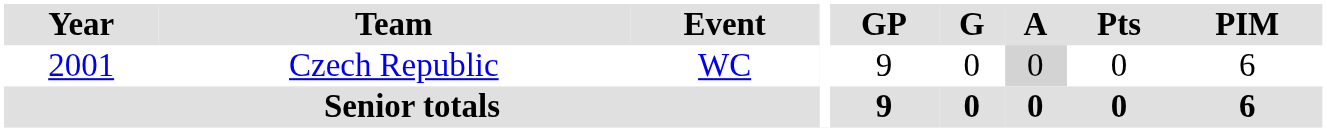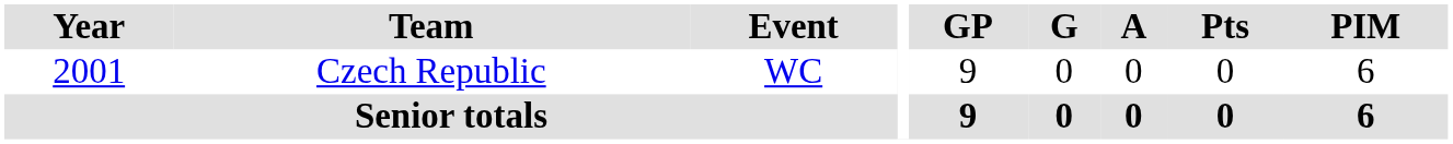 <table border="0" cellpadding="1" cellspacing="0" ID="Table3" style="text-align:center; width:40em">
 <tr bgcolor="#e0e0e0">
 <th>Year</th>
 <th>Team</th>
 <th>Event</th>
 <th rowspan="102" bgcolor="#ffffff"></th>
 <th>GP</th>
 <th>G</th>
 <th>A</th>
 <th>Pts</th>
 <th>PIM</th>
 </tr>
 <tr>
 <td><a href='#'>2001</a></td>
 <td><a href='#'>Czech Republic</a></td>
 <td><a href='#'>WC</a></td>
 <td>9</td>
 <td>0</td>
-<td style="background: lightgrey;">0</td>
+<td>0</td>
 <td>0</td>
 <td>6</td>
 </tr>
 <tr bgcolor="#e0e0e0">
 <th colspan="3">Senior totals</th>
 <th>9</th>
 <th>0</th>
 <th>0</th>
 <th>0</th>
 <th>6</th>
 </tr>
 </table>
